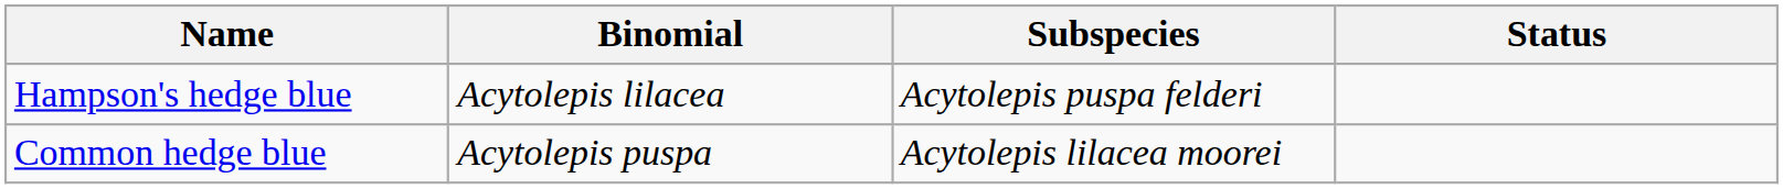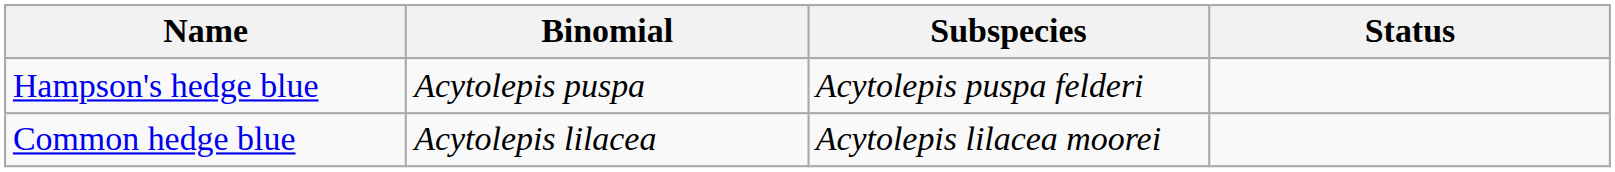 <table width=60% class="wikitable">
 <tr>
 <th width=20%>Name</th>
 <th width=20%>Binomial</th>
 <th width=20%>Subspecies</th>
 <th width=20%>Status</th>
 </tr>
 <tr>
 <td><a href='#'>Hampson's hedge blue</a><br></td>
-<td><em>Acytolepis lilacea</em></td>
+<td><em>Acytolepis puspa</em></td>
 <td><em>Acytolepis puspa felderi</em></td>
 <td></td>
 </tr>
 <tr>
 <td><a href='#'>Common hedge blue</a><br>   </td>
-<td><em>Acytolepis puspa</em></td>
+<td><em>Acytolepis lilacea</em></td>
 <td><em>Acytolepis lilacea moorei</em></td>
 <td></td>
 </tr>
 </table>
